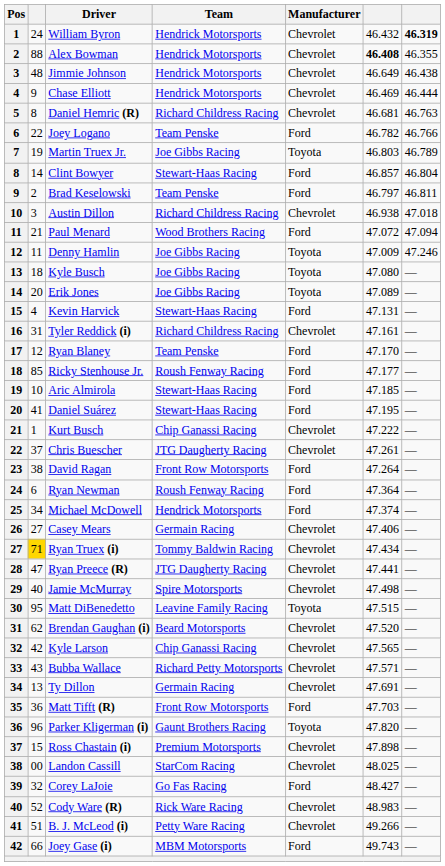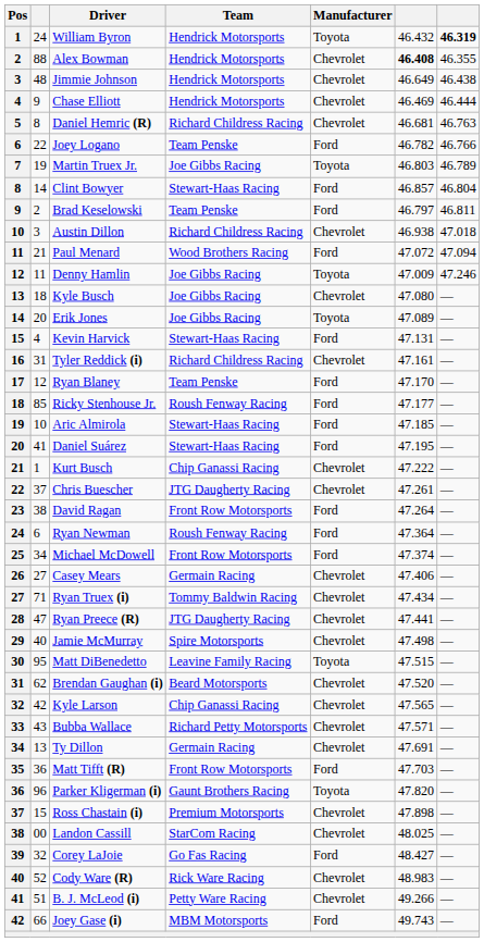 <table class="wikitable" style="font-size:95%">
 <tr>
 <th>Pos</th>
 <th></th>
 <th>Driver</th>
 <th>Team</th>
 <th>Manufacturer</th>
 <th></th>
 <th></th>
 </tr>
 <tr>
 <th>1</th>
 <td>24</td>
 <td><a href='#'>William Byron</a></td>
 <td><a href='#'>Hendrick Motorsports</a></td>
-<td>Chevrolet</td>
+<td>Toyota</td>
 <td>46.432</td>
 <td><strong>46.319</strong></td>
 </tr>
 <tr>
 <th>2</th>
 <td>88</td>
 <td><a href='#'>Alex Bowman</a></td>
 <td><a href='#'>Hendrick Motorsports</a></td>
 <td>Chevrolet</td>
 <td><strong>46.408</strong></td>
 <td>46.355</td>
 </tr>
 <tr>
 <th>3</th>
 <td>48</td>
 <td><a href='#'>Jimmie Johnson</a></td>
 <td><a href='#'>Hendrick Motorsports</a></td>
 <td>Chevrolet</td>
 <td>46.649</td>
 <td>46.438</td>
 </tr>
 <tr>
 <th>4</th>
 <td>9</td>
 <td><a href='#'>Chase Elliott</a></td>
 <td><a href='#'>Hendrick Motorsports</a></td>
 <td>Chevrolet</td>
 <td>46.469</td>
 <td>46.444</td>
 </tr>
 <tr>
 <th>5</th>
 <td>8</td>
 <td><a href='#'>Daniel Hemric</a> <strong>(R)</strong></td>
 <td><a href='#'>Richard Childress Racing</a></td>
 <td>Chevrolet</td>
 <td>46.681</td>
 <td>46.763</td>
 </tr>
 <tr>
 <th>6</th>
 <td>22</td>
 <td><a href='#'>Joey Logano</a></td>
 <td><a href='#'>Team Penske</a></td>
 <td>Ford</td>
 <td>46.782</td>
 <td>46.766</td>
 </tr>
 <tr>
 <th>7</th>
 <td>19</td>
 <td><a href='#'>Martin Truex Jr.</a></td>
 <td><a href='#'>Joe Gibbs Racing</a></td>
 <td>Toyota</td>
 <td>46.803</td>
 <td>46.789</td>
 </tr>
 <tr>
 <th>8</th>
 <td>14</td>
 <td><a href='#'>Clint Bowyer</a></td>
 <td><a href='#'>Stewart-Haas Racing</a></td>
 <td>Ford</td>
 <td>46.857</td>
 <td>46.804</td>
 </tr>
 <tr>
 <th>9</th>
 <td>2</td>
 <td><a href='#'>Brad Keselowski</a></td>
 <td><a href='#'>Team Penske</a></td>
 <td>Ford</td>
 <td>46.797</td>
 <td>46.811</td>
 </tr>
 <tr>
 <th>10</th>
 <td>3</td>
 <td><a href='#'>Austin Dillon</a></td>
 <td><a href='#'>Richard Childress Racing</a></td>
 <td>Chevrolet</td>
 <td>46.938</td>
 <td>47.018</td>
 </tr>
 <tr>
 <th>11</th>
 <td>21</td>
 <td><a href='#'>Paul Menard</a></td>
 <td><a href='#'>Wood Brothers Racing</a></td>
 <td>Ford</td>
 <td>47.072</td>
 <td>47.094</td>
 </tr>
 <tr>
 <th>12</th>
 <td>11</td>
 <td><a href='#'>Denny Hamlin</a></td>
 <td><a href='#'>Joe Gibbs Racing</a></td>
 <td>Toyota</td>
 <td>47.009</td>
 <td>47.246</td>
 </tr>
 <tr>
 <th>13</th>
 <td>18</td>
 <td><a href='#'>Kyle Busch</a></td>
 <td><a href='#'>Joe Gibbs Racing</a></td>
-<td>Toyota</td>
+<td>Chevrolet</td>
 <td>47.080</td>
 <td>—</td>
 </tr>
 <tr>
 <th>14</th>
 <td>20</td>
 <td><a href='#'>Erik Jones</a></td>
 <td><a href='#'>Joe Gibbs Racing</a></td>
 <td>Toyota</td>
 <td>47.089</td>
 <td>—</td>
 </tr>
 <tr>
 <th>15</th>
 <td>4</td>
 <td><a href='#'>Kevin Harvick</a></td>
 <td><a href='#'>Stewart-Haas Racing</a></td>
 <td>Ford</td>
 <td>47.131</td>
 <td>—</td>
 </tr>
 <tr>
 <th>16</th>
 <td>31</td>
 <td><a href='#'>Tyler Reddick</a> <strong>(i)</strong></td>
 <td><a href='#'>Richard Childress Racing</a></td>
 <td>Chevrolet</td>
 <td>47.161</td>
 <td>—</td>
 </tr>
 <tr>
 <th>17</th>
 <td>12</td>
 <td><a href='#'>Ryan Blaney</a></td>
 <td><a href='#'>Team Penske</a></td>
 <td>Ford</td>
 <td>47.170</td>
 <td>—</td>
 </tr>
 <tr>
 <th>18</th>
 <td>85</td>
 <td><a href='#'>Ricky Stenhouse Jr.</a></td>
 <td><a href='#'>Roush Fenway Racing</a></td>
 <td>Ford</td>
 <td>47.177</td>
 <td>—</td>
 </tr>
 <tr>
 <th>19</th>
 <td>10</td>
 <td><a href='#'>Aric Almirola</a></td>
 <td><a href='#'>Stewart-Haas Racing</a></td>
 <td>Ford</td>
 <td>47.185</td>
 <td>—</td>
 </tr>
 <tr>
 <th>20</th>
 <td>41</td>
 <td><a href='#'>Daniel Suárez</a></td>
 <td><a href='#'>Stewart-Haas Racing</a></td>
 <td>Ford</td>
 <td>47.195</td>
 <td>—</td>
 </tr>
 <tr>
 <th>21</th>
 <td>1</td>
 <td><a href='#'>Kurt Busch</a></td>
 <td><a href='#'>Chip Ganassi Racing</a></td>
 <td>Chevrolet</td>
 <td>47.222</td>
 <td>—</td>
 </tr>
 <tr>
 <th>22</th>
 <td>37</td>
 <td><a href='#'>Chris Buescher</a></td>
 <td><a href='#'>JTG Daugherty Racing</a></td>
 <td>Chevrolet</td>
 <td>47.261</td>
 <td>—</td>
 </tr>
 <tr>
 <th>23</th>
 <td>38</td>
 <td><a href='#'>David Ragan</a></td>
 <td><a href='#'>Front Row Motorsports</a></td>
 <td>Ford</td>
 <td>47.264</td>
 <td>—</td>
 </tr>
 <tr>
 <th>24</th>
 <td>6</td>
 <td><a href='#'>Ryan Newman</a></td>
 <td><a href='#'>Roush Fenway Racing</a></td>
 <td>Ford</td>
 <td>47.364</td>
 <td>—</td>
 </tr>
 <tr>
 <th>25</th>
 <td>34</td>
 <td><a href='#'>Michael McDowell</a></td>
-<td><a href='#'>Hendrick Motorsports</a></td>
+<td><a href='#'>Front Row Motorsports</a></td>
 <td>Ford</td>
 <td>47.374</td>
 <td>—</td>
 </tr>
 <tr>
 <th>26</th>
 <td>27</td>
 <td><a href='#'>Casey Mears</a></td>
 <td><a href='#'>Germain Racing</a></td>
 <td>Chevrolet</td>
 <td>47.406</td>
 <td>—</td>
 </tr>
 <tr>
 <th>27</th>
-<td style="background: gold;">71</td>
+<td>71</td>
 <td><a href='#'>Ryan Truex</a> <strong>(i)</strong></td>
 <td><a href='#'>Tommy Baldwin Racing</a></td>
 <td>Chevrolet</td>
 <td>47.434</td>
 <td>—</td>
 </tr>
 <tr>
 <th>28</th>
 <td>47</td>
 <td><a href='#'>Ryan Preece</a> <strong>(R)</strong></td>
 <td><a href='#'>JTG Daugherty Racing</a></td>
 <td>Chevrolet</td>
 <td>47.441</td>
 <td>—</td>
 </tr>
 <tr>
 <th>29</th>
 <td>40</td>
 <td><a href='#'>Jamie McMurray</a></td>
 <td><a href='#'>Spire Motorsports</a></td>
 <td>Chevrolet</td>
 <td>47.498</td>
 <td>—</td>
 </tr>
 <tr>
 <th>30</th>
 <td>95</td>
 <td><a href='#'>Matt DiBenedetto</a></td>
 <td><a href='#'>Leavine Family Racing</a></td>
 <td>Toyota</td>
 <td>47.515</td>
 <td>—</td>
 </tr>
 <tr>
 <th>31</th>
 <td>62</td>
 <td><a href='#'>Brendan Gaughan</a> <strong>(i)</strong></td>
 <td><a href='#'>Beard Motorsports</a></td>
 <td>Chevrolet</td>
 <td>47.520</td>
 <td>—</td>
 </tr>
 <tr>
 <th>32</th>
 <td>42</td>
 <td><a href='#'>Kyle Larson</a></td>
 <td><a href='#'>Chip Ganassi Racing</a></td>
 <td>Chevrolet</td>
 <td>47.565</td>
 <td>—</td>
 </tr>
 <tr>
 <th>33</th>
 <td>43</td>
 <td><a href='#'>Bubba Wallace</a></td>
 <td><a href='#'>Richard Petty Motorsports</a></td>
 <td>Chevrolet</td>
 <td>47.571</td>
 <td>—</td>
 </tr>
 <tr>
 <th>34</th>
 <td>13</td>
 <td><a href='#'>Ty Dillon</a></td>
 <td><a href='#'>Germain Racing</a></td>
 <td>Chevrolet</td>
 <td>47.691</td>
 <td>—</td>
 </tr>
 <tr>
 <th>35</th>
 <td>36</td>
 <td><a href='#'>Matt Tifft</a> <strong>(R)</strong></td>
 <td><a href='#'>Front Row Motorsports</a></td>
 <td>Ford</td>
 <td>47.703</td>
 <td>—</td>
 </tr>
 <tr>
 <th>36</th>
 <td>96</td>
 <td><a href='#'>Parker Kligerman</a> <strong>(i)</strong></td>
 <td><a href='#'>Gaunt Brothers Racing</a></td>
 <td>Toyota</td>
 <td>47.820</td>
 <td>—</td>
 </tr>
 <tr>
 <th>37</th>
 <td>15</td>
 <td><a href='#'>Ross Chastain</a> <strong>(i)</strong></td>
 <td><a href='#'>Premium Motorsports</a></td>
 <td>Chevrolet</td>
 <td>47.898</td>
 <td>—</td>
 </tr>
 <tr>
 <th>38</th>
 <td>00</td>
 <td><a href='#'>Landon Cassill</a></td>
 <td><a href='#'>StarCom Racing</a></td>
 <td>Chevrolet</td>
 <td>48.025</td>
 <td>—</td>
 </tr>
 <tr>
 <th>39</th>
 <td>32</td>
 <td><a href='#'>Corey LaJoie</a></td>
 <td><a href='#'>Go Fas Racing</a></td>
 <td>Ford</td>
 <td>48.427</td>
 <td>—</td>
 </tr>
 <tr>
 <th>40</th>
 <td>52</td>
 <td><a href='#'>Cody Ware</a> <strong>(R)</strong></td>
 <td><a href='#'>Rick Ware Racing</a></td>
 <td>Chevrolet</td>
 <td>48.983</td>
 <td>—</td>
 </tr>
 <tr>
 <th>41</th>
 <td>51</td>
 <td><a href='#'>B. J. McLeod</a> <strong>(i)</strong></td>
 <td><a href='#'>Petty Ware Racing</a></td>
 <td>Chevrolet</td>
 <td>49.266</td>
 <td>—</td>
 </tr>
 <tr>
 <th>42</th>
 <td>66</td>
 <td><a href='#'>Joey Gase</a> <strong>(i)</strong></td>
 <td><a href='#'>MBM Motorsports</a></td>
 <td>Ford</td>
 <td>49.743</td>
 <td>—</td>
 </tr>
 <tr>
 <th colspan="7"></th>
 </tr>
 </table>
